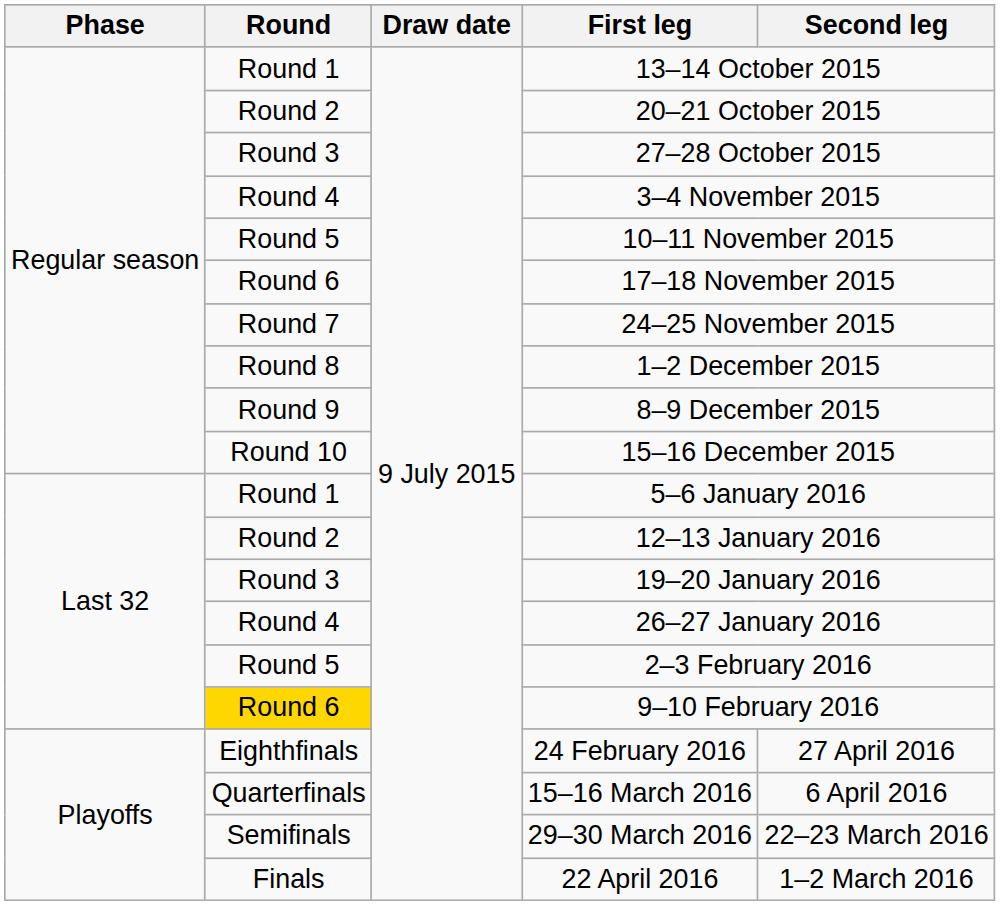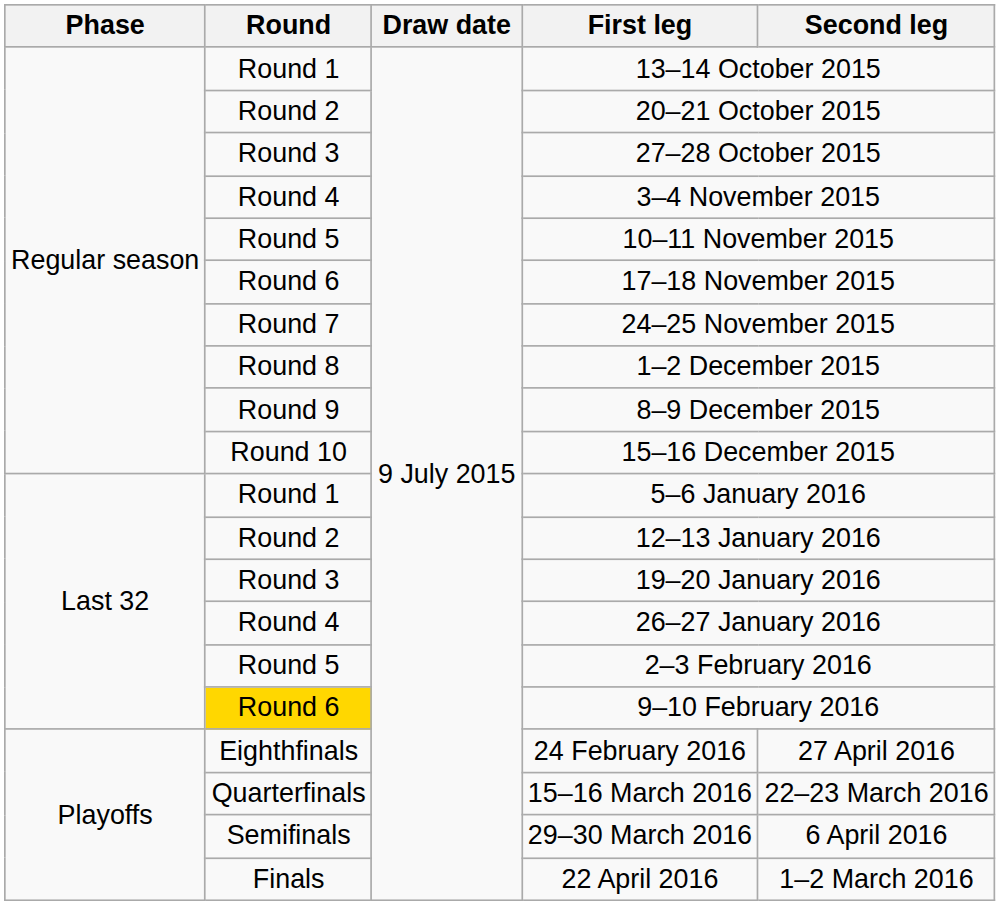 <table class="wikitable" style="text-align:center">
 <tr>
 <th>Phase</th>
 <th>Round</th>
 <th>Draw date</th>
 <th>First leg</th>
 <th>Second leg</th>
 </tr>
 <tr>
 <td rowspan=10>Regular season</td>
 <td>Round 1</td>
 <td rowspan=20>9 July 2015</td>
 <td colspan=2>13–14 October 2015</td>
 </tr>
 <tr>
 <td>Round 2</td>
 <td colspan=2>20–21 October 2015</td>
 </tr>
 <tr>
 <td>Round 3</td>
 <td colspan=2>27–28 October 2015</td>
 </tr>
 <tr>
 <td>Round 4</td>
 <td colspan=2>3–4 November 2015</td>
 </tr>
 <tr>
 <td>Round 5</td>
 <td colspan=2>10–11 November 2015</td>
 </tr>
 <tr>
 <td>Round 6</td>
 <td colspan=2>17–18 November 2015</td>
 </tr>
 <tr>
 <td>Round 7</td>
 <td colspan=2>24–25 November 2015</td>
 </tr>
 <tr>
 <td>Round 8</td>
 <td colspan=2>1–2 December 2015</td>
 </tr>
 <tr>
 <td>Round 9</td>
 <td colspan=2>8–9 December 2015</td>
 </tr>
 <tr>
 <td>Round 10</td>
 <td colspan=2>15–16 December 2015</td>
 </tr>
 <tr>
 <td rowspan=6>Last 32</td>
 <td>Round 1</td>
 <td colspan=2>5–6 January 2016</td>
 </tr>
 <tr>
 <td>Round 2</td>
 <td colspan=2>12–13 January 2016</td>
 </tr>
 <tr>
 <td>Round 3</td>
 <td colspan=2>19–20 January 2016</td>
 </tr>
 <tr>
 <td>Round 4</td>
 <td colspan=2>26–27 January 2016</td>
 </tr>
 <tr>
 <td>Round 5</td>
 <td colspan=2>2–3 February 2016</td>
 </tr>
 <tr>
 <td style="background: gold;">Round 6</td>
 <td colspan=2>9–10 February 2016</td>
 </tr>
 <tr>
 <td rowspan=4>Playoffs</td>
 <td>Eighthfinals</td>
 <td>24 February 2016</td>
 <td>27 April 2016</td>
 </tr>
 <tr>
 <td>Quarterfinals</td>
 <td>15–16 March 2016</td>
-<td>6 April 2016</td>
+<td>22–23 March 2016</td>
 </tr>
 <tr>
 <td>Semifinals</td>
 <td>29–30 March 2016</td>
-<td>22–23 March 2016</td>
+<td>6 April 2016</td>
 </tr>
 <tr>
 <td>Finals</td>
 <td>22 April 2016</td>
 <td>1–2 March 2016</td>
 </tr>
 </table>
